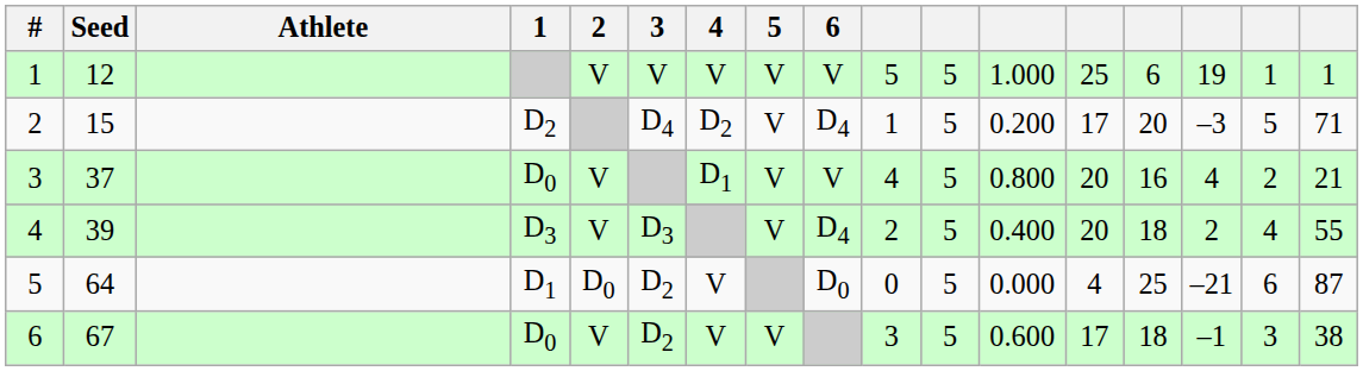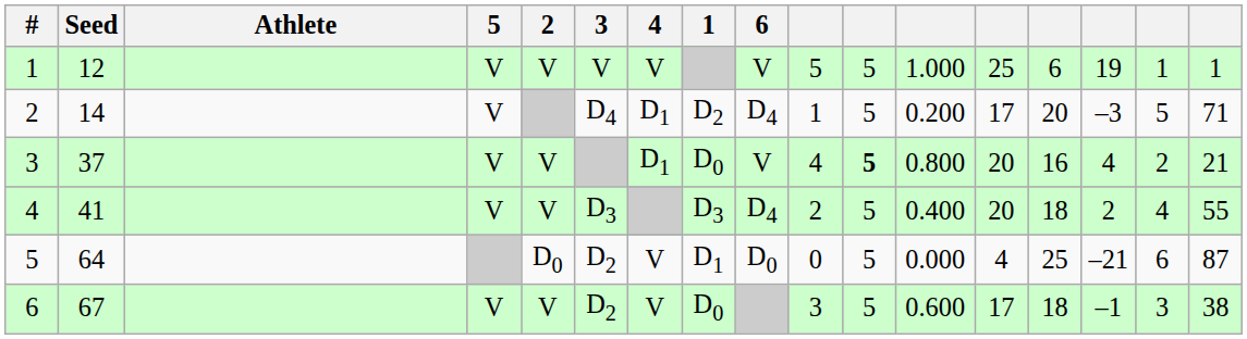 <table class="wikitable" style="text-align:center">
 <tr>
 <th width="25">#</th>
 <th width="25">Seed</th>
 <th width="200">Athlete</th>
-<th width="25">1</th>
+<th width="25">5</th>
 <th width="25">2</th>
 <th width="25">3</th>
 <th width="25">4</th>
-<th width="25">5</th>
+<th width="25">1</th>
 <th width="25">6</th>
 <th width="25"></th>
 <th width="25"></th>
 <th width="40"></th>
 <th width="25"></th>
 <th width="25"></th>
 <th width="25"></th>
 <th width="25"></th>
 <th width="25"></th>
 </tr>
 <tr bgcolor="#ccffcc">
 <td>1</td>
 <td>12</td>
 <td align=left></td>
-<td bgcolor="#cccccc"></td>
 <td>V</td>
 <td>V</td>
 <td>V</td>
 <td>V</td>
+<td bgcolor="#cccccc"></td>
 <td>V</td>
 <td>5</td>
 <td>5</td>
 <td>1.000</td>
 <td>25</td>
 <td>6</td>
 <td>19</td>
 <td>1</td>
 <td>1</td>
 </tr>
 <tr>
 <td>2</td>
-<td>15</td>
+<td>14</td>
 <td align=left></td>
-<td>D<sub>2</sub></td>
+<td>V</td>
 <td bgcolor="#cccccc"></td>
 <td>D<sub>4</sub></td>
+<td>D<sub>1</sub></td>
 <td>D<sub>2</sub></td>
-<td>V</td>
 <td>D<sub>4</sub></td>
 <td>1</td>
 <td>5</td>
 <td>0.200</td>
 <td>17</td>
 <td>20</td>
 <td>–3</td>
 <td>5</td>
 <td>71</td>
 </tr>
 <tr bgcolor="#ccffcc">
 <td>3</td>
 <td>37</td>
 <td align=left></td>
-<td>D<sub>0</sub></td>
+<td>V</td>
 <td>V</td>
 <td bgcolor="#cccccc"></td>
 <td>D<sub>1</sub></td>
-<td>V</td>
+<td>D<sub>0</sub></td>
 <td>V</td>
 <td>4</td>
-<td>5</td>
+<td><strong>5</strong></td>
 <td>0.800</td>
 <td>20</td>
 <td>16</td>
 <td>4</td>
 <td>2</td>
 <td>21</td>
 </tr>
 <tr bgcolor="#ccffcc">
 <td>4</td>
-<td>39</td>
+<td>41</td>
 <td align=left></td>
-<td>D<sub>3</sub></td>
+<td>V</td>
 <td>V</td>
 <td>D<sub>3</sub></td>
 <td bgcolor="#cccccc"></td>
-<td>V</td>
+<td>D<sub>3</sub></td>
 <td>D<sub>4</sub></td>
 <td>2</td>
 <td>5</td>
 <td>0.400</td>
 <td>20</td>
 <td>18</td>
 <td>2</td>
 <td>4</td>
 <td>55</td>
 </tr>
 <tr>
 <td>5</td>
 <td>64</td>
 <td align=left></td>
-<td>D<sub>1</sub></td>
+<td bgcolor="#cccccc"></td>
 <td>D<sub>0</sub></td>
 <td>D<sub>2</sub></td>
 <td>V</td>
-<td bgcolor="#cccccc"></td>
+<td>D<sub>1</sub></td>
 <td>D<sub>0</sub></td>
 <td>0</td>
 <td>5</td>
 <td>0.000</td>
 <td>4</td>
 <td>25</td>
 <td>–21</td>
 <td>6</td>
 <td>87</td>
 </tr>
 <tr bgcolor="#ccffcc">
 <td>6</td>
 <td>67</td>
 <td align=left></td>
-<td>D<sub>0</sub></td>
+<td>V</td>
 <td>V</td>
 <td>D<sub>2</sub></td>
 <td>V</td>
-<td>V</td>
+<td>D<sub>0</sub></td>
 <td bgcolor="#cccccc"></td>
 <td>3</td>
 <td>5</td>
 <td>0.600</td>
 <td>17</td>
 <td>18</td>
 <td>–1</td>
 <td>3</td>
 <td>38</td>
 </tr>
 </table>
